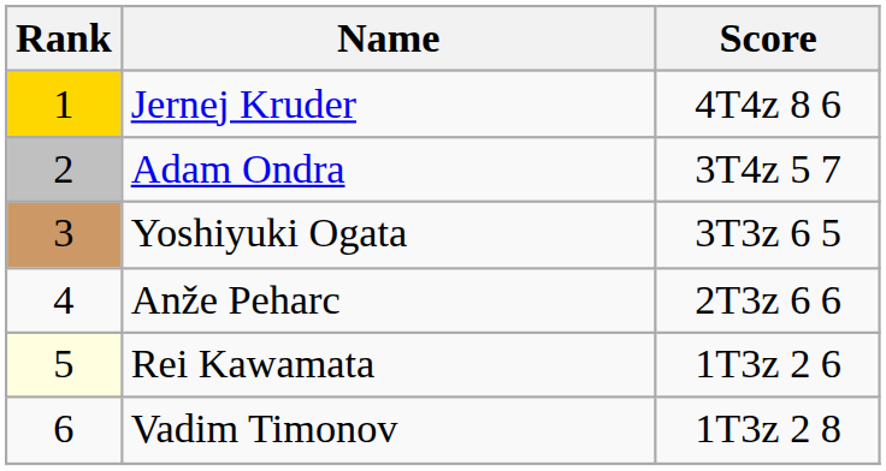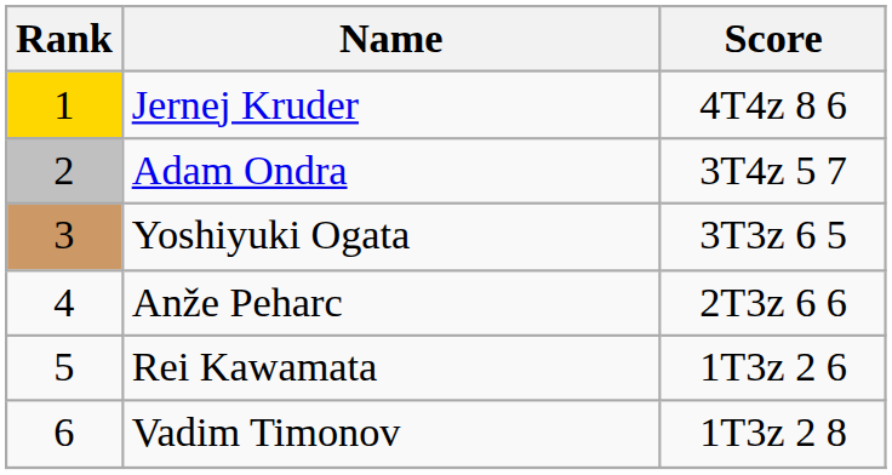 <table class="wikitable">
 <tr>
 <th>Rank</th>
 <th width = "200">Name</th>
 <th width = "80">Score</th>
 </tr>
 <tr>
 <td align="center" style="background: gold">1</td>
 <td> <a href='#'>Jernej Kruder</a></td>
 <td align="center">4T4z 8 6</td>
 </tr>
 <tr>
 <td align="center" style="background: silver">2</td>
 <td> <a href='#'>Adam Ondra</a></td>
 <td align="center">3T4z 5 7</td>
 </tr>
 <tr>
 <td align="center" style="background: #cc9966">3</td>
 <td> Yoshiyuki Ogata</td>
 <td align="center">3T3z 6 5</td>
 </tr>
 <tr>
 <td align="center">4</td>
 <td> Anže Peharc</td>
 <td align="center">2T3z 6 6</td>
 </tr>
 <tr>
-<td align="center" style="background: lightyellow;">5</td>
+<td align="center">5</td>
 <td> Rei Kawamata</td>
 <td align="center">1T3z 2 6</td>
 </tr>
 <tr>
 <td align="center">6</td>
 <td> Vadim Timonov</td>
 <td align="center">1T3z 2 8</td>
 </tr>
 <tr>
 </tr>
 </table>
